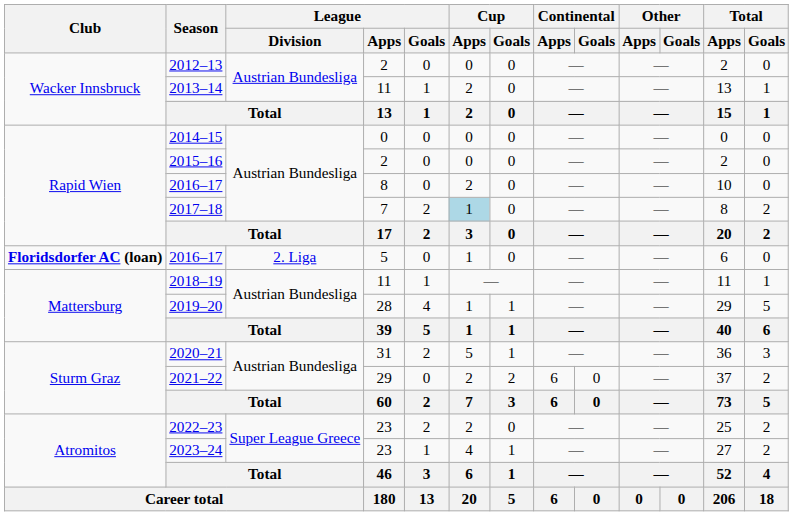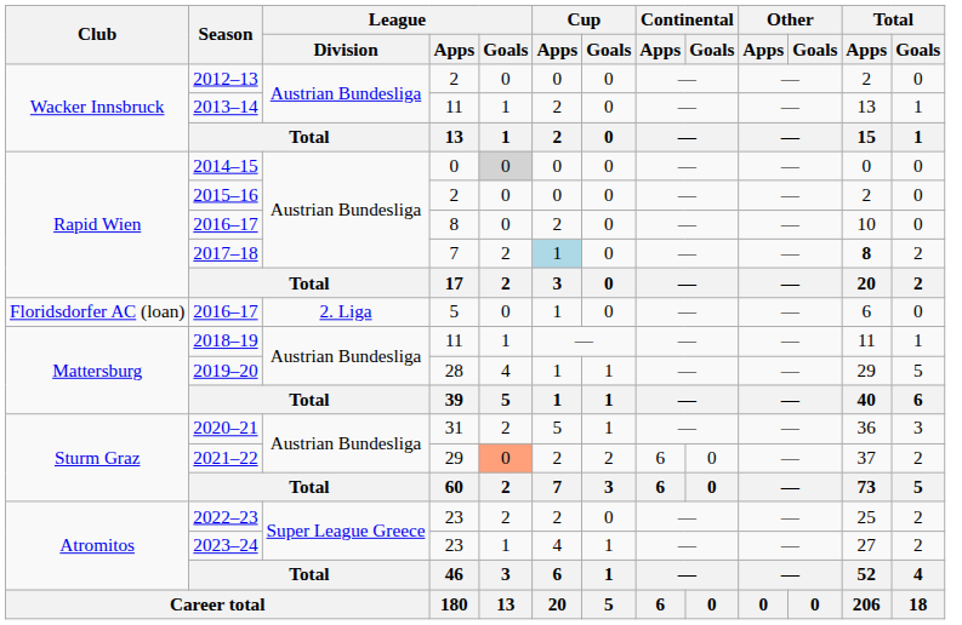 <table class="wikitable" style="text-align: center">
 <tr>
 <th rowspan="2">Club</th>
 <th rowspan="2">Season</th>
 <th colspan="3">League</th>
 <th colspan="2">Cup</th>
 <th colspan="2">Continental</th>
 <th colspan="2">Other</th>
 <th colspan="2">Total</th>
 </tr>
 <tr>
 <th>Division</th>
 <th>Apps</th>
 <th>Goals</th>
 <th>Apps</th>
 <th>Goals</th>
 <th>Apps</th>
 <th>Goals</th>
 <th>Apps</th>
 <th>Goals</th>
 <th>Apps</th>
 <th>Goals</th>
 </tr>
 <tr>
 <td rowspan="3"><a href='#'>Wacker Innsbruck</a></td>
 <td><a href='#'>2012–13</a></td>
 <td rowspan="2"><a href='#'>Austrian Bundesliga</a></td>
 <td>2</td>
 <td>0</td>
 <td>0</td>
 <td>0</td>
 <td colspan="2">—</td>
 <td colspan="2">—</td>
 <td>2</td>
 <td>0</td>
 </tr>
 <tr>
 <td><a href='#'>2013–14</a></td>
 <td>11</td>
 <td>1</td>
 <td>2</td>
 <td>0</td>
 <td colspan="2">—</td>
 <td colspan="2">—</td>
 <td>13</td>
 <td>1</td>
 </tr>
 <tr>
 <th colspan="2">Total</th>
 <th>13</th>
 <th>1</th>
 <th>2</th>
 <th>0</th>
 <th colspan="2">—</th>
 <th colspan="2">—</th>
 <th>15</th>
 <th>1</th>
 </tr>
 <tr>
 <td rowspan="5"><a href='#'>Rapid Wien</a></td>
 <td><a href='#'>2014–15</a></td>
 <td rowspan="4">Austrian Bundesliga</td>
 <td>0</td>
-<td>0</td>
+<td style="background: lightgrey;">0</td>
 <td>0</td>
 <td>0</td>
 <td colspan="2">—</td>
 <td colspan="2">—</td>
 <td>0</td>
 <td>0</td>
 </tr>
 <tr>
 <td><a href='#'>2015–16</a></td>
 <td>2</td>
 <td>0</td>
 <td>0</td>
 <td>0</td>
 <td colspan="2">—</td>
 <td colspan="2">—</td>
 <td>2</td>
 <td>0</td>
 </tr>
 <tr>
 <td><a href='#'>2016–17</a></td>
 <td>8</td>
 <td>0</td>
 <td>2</td>
 <td>0</td>
 <td colspan="2">—</td>
 <td colspan="2">—</td>
 <td>10</td>
 <td>0</td>
 </tr>
 <tr>
 <td><a href='#'>2017–18</a></td>
 <td>7</td>
 <td>2</td>
 <td style="background: lightblue;">1</td>
 <td>0</td>
 <td colspan="2">—</td>
 <td colspan="2">—</td>
-<td>8</td>
+<td><strong>8</strong></td>
 <td>2</td>
 </tr>
 <tr>
 <th colspan="2">Total</th>
 <th>17</th>
 <th>2</th>
 <th>3</th>
 <th>0</th>
 <th colspan="2">—</th>
 <th colspan="2">—</th>
 <th>20</th>
 <th>2</th>
 </tr>
 <tr>
-<td><strong><a href='#'>Floridsdorfer AC</a> (loan)</strong></td>
+<td><a href='#'>Floridsdorfer AC</a> (loan)</td>
 <td><a href='#'>2016–17</a></td>
 <td><a href='#'>2. Liga</a></td>
 <td>5</td>
 <td>0</td>
 <td>1</td>
 <td>0</td>
 <td colspan="2">—</td>
 <td colspan="2">—</td>
 <td>6</td>
 <td>0</td>
 </tr>
 <tr>
 <td rowspan="3"><a href='#'>Mattersburg</a></td>
 <td><a href='#'>2018–19</a></td>
 <td rowspan="2">Austrian Bundesliga</td>
 <td>11</td>
 <td>1</td>
 <td colspan="2">—</td>
 <td colspan="2">—</td>
 <td colspan="2">—</td>
 <td>11</td>
 <td>1</td>
 </tr>
 <tr>
 <td><a href='#'>2019–20</a></td>
 <td>28</td>
 <td>4</td>
 <td>1</td>
 <td>1</td>
 <td colspan="2">—</td>
 <td colspan="2">—</td>
 <td>29</td>
 <td>5</td>
 </tr>
 <tr>
 <th colspan="2">Total</th>
 <th>39</th>
 <th>5</th>
 <th>1</th>
 <th>1</th>
 <th colspan="2">—</th>
 <th colspan="2">—</th>
 <th>40</th>
 <th>6</th>
 </tr>
 <tr>
 <td rowspan="3"><a href='#'>Sturm Graz</a></td>
 <td><a href='#'>2020–21</a></td>
 <td rowspan="2">Austrian Bundesliga</td>
 <td>31</td>
 <td>2</td>
 <td>5</td>
 <td>1</td>
 <td colspan="2">—</td>
 <td colspan="2">—</td>
 <td>36</td>
 <td>3</td>
 </tr>
 <tr>
 <td><a href='#'>2021–22</a></td>
 <td>29</td>
-<td>0</td>
+<td style="background: lightsalmon;">0</td>
 <td>2</td>
 <td>2</td>
 <td>6</td>
 <td>0</td>
 <td colspan="2">—</td>
 <td>37</td>
 <td>2</td>
 </tr>
 <tr>
 <th colspan="2">Total</th>
 <th>60</th>
 <th>2</th>
 <th>7</th>
 <th>3</th>
 <th>6</th>
 <th>0</th>
 <th colspan="2">—</th>
 <th>73</th>
 <th>5</th>
 </tr>
 <tr>
 <td rowspan="3"><a href='#'>Atromitos</a></td>
 <td><a href='#'>2022–23</a></td>
 <td rowspan="2"><a href='#'>Super League Greece</a></td>
 <td>23</td>
 <td>2</td>
 <td>2</td>
 <td>0</td>
 <td colspan="2">—</td>
 <td colspan="2">—</td>
 <td>25</td>
 <td>2</td>
 </tr>
 <tr>
 <td><a href='#'>2023–24</a></td>
 <td>23</td>
 <td>1</td>
 <td>4</td>
 <td>1</td>
 <td colspan="2">—</td>
 <td colspan="2">—</td>
 <td>27</td>
 <td>2</td>
 </tr>
 <tr>
 <th colspan="2">Total</th>
 <th>46</th>
 <th>3</th>
 <th>6</th>
 <th>1</th>
 <th colspan="2">—</th>
 <th colspan="2">—</th>
 <th>52</th>
 <th>4</th>
 </tr>
 <tr>
 <th colspan="3">Career total</th>
 <th>180</th>
 <th>13</th>
 <th>20</th>
 <th>5</th>
 <th>6</th>
 <th>0</th>
 <th>0</th>
 <th>0</th>
 <th>206</th>
 <th>18</th>
 </tr>
 </table>
